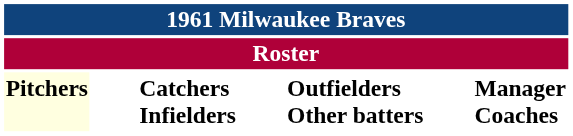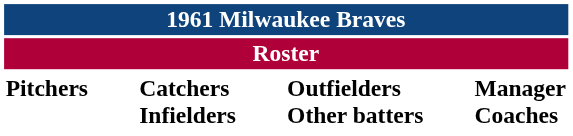 <table class="toccolours" style="font-size: 95%;">
 <tr>
 <th colspan="10" style="background-color: #0f437c; color: white; text-align: center;">1961 Milwaukee Braves</th>
 </tr>
 <tr>
 <td colspan="10" style="background-color: #af0039; color: white; text-align: center;"><strong>Roster</strong></td>
 </tr>
 <tr>
-<td valign="top" style="background: lightyellow;"><strong>Pitchers</strong><br>               </td>
+<td valign="top"><strong>Pitchers</strong><br>               </td>
 <td width="25px"></td>
 <td valign="top"><strong>Catchers</strong><br>     <strong>Infielders</strong>       </td>
 <td width="25px"></td>
 <td valign="top"><strong>Outfielders</strong><br>          <strong>Other batters</strong>  </td>
 <td width="25px"></td>
 <td valign="top"><strong>Manager</strong><br>  <strong>Coaches</strong>   </td>
 </tr>
 </table>
